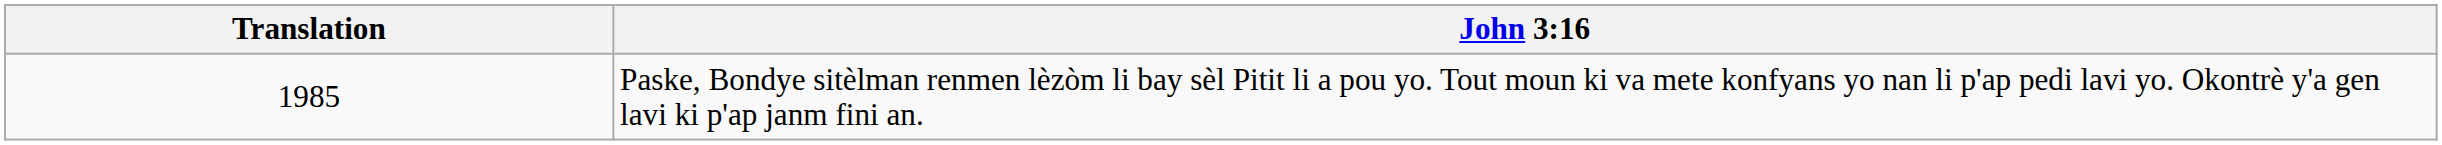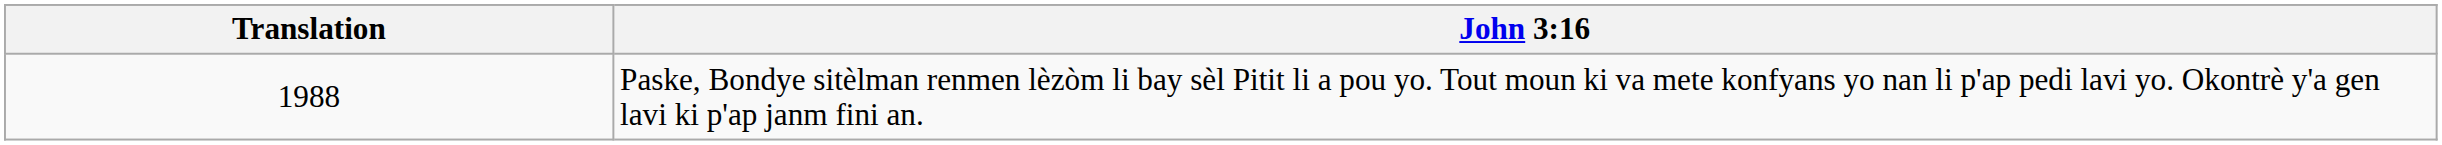 <table class="wikitable">
 <tr>
 <th style="text-align:center; width:25%;">Translation</th>
 <th><a href='#'>John</a> 3:16</th>
 </tr>
 <tr>
-<td style="text-align:center;">1985</td>
+<td style="text-align:center;">1988</td>
 <td>Paske, Bondye sitèlman renmen lèzòm li bay sèl Pitit li a pou yo. Tout moun ki va mete konfyans yo nan li p'ap pedi lavi yo. Okontrè y'a gen lavi ki p'ap janm fini an.</td>
 </tr>
 </table>
